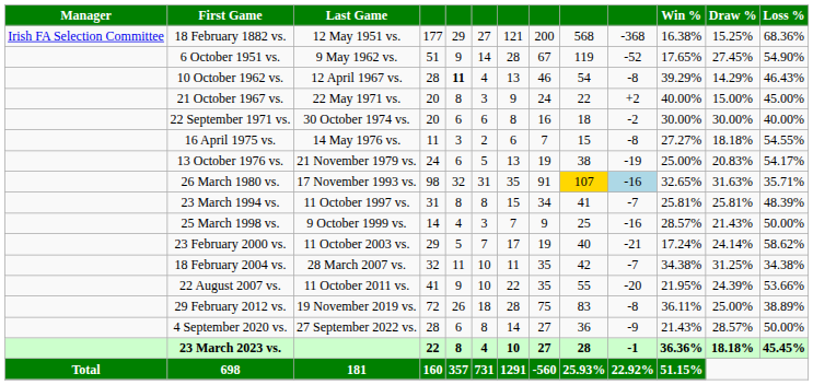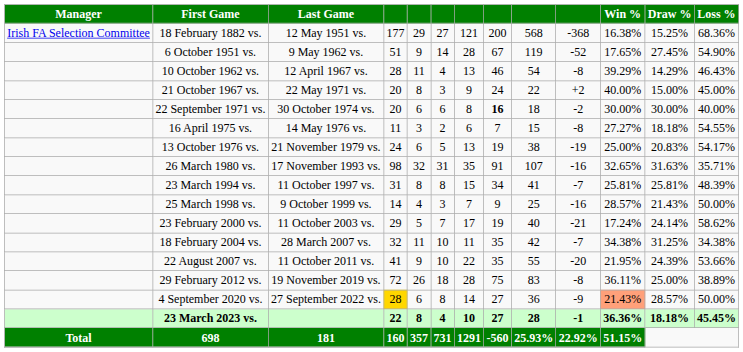 <table class="wikitable sortable" style="text-align:center">
 <tr>
 <th style="background-color:#008000; color:white; ">Manager</th>
 <th style="background-color:#008000; color:white; ">First Game</th>
 <th style="background-color:#008000; color:white; ">Last Game</th>
 <th style="background-color:#008000; color:white; "></th>
 <th style="background-color:#008000; color:white; "></th>
 <th style="background-color:#008000; color:white; "></th>
 <th style="background-color:#008000; color:white; "></th>
 <th style="background-color:#008000; color:white; "></th>
 <th style="background-color:#008000; color:white; "></th>
 <th style="background-color:#008000; color:white; "></th>
 <th style="background-color:#008000; color:white; ">Win %</th>
 <th style="background-color:#008000; color:white; ">Draw %</th>
 <th style="background-color:#008000; color:white; ">Loss %</th>
 </tr>
 <tr>
 <td style="text-align: left;"> <a href='#'>Irish FA Selection Committee</a></td>
 <td>18 February 1882 vs. </td>
 <td>12 May 1951 vs. </td>
 <td>177</td>
 <td>29</td>
 <td>27</td>
 <td>121</td>
 <td>200</td>
 <td>568</td>
 <td>-368</td>
 <td>16.38%</td>
 <td>15.25%</td>
 <td>68.36%</td>
 </tr>
 <tr>
 <td style="text-align: left;"> </td>
 <td>6 October 1951 vs. </td>
 <td>9 May 1962 vs. </td>
 <td>51</td>
 <td>9</td>
 <td>14</td>
 <td>28</td>
 <td>67</td>
 <td>119</td>
 <td>-52</td>
 <td>17.65%</td>
 <td>27.45%</td>
 <td>54.90%</td>
 </tr>
 <tr>
 <td style="text-align: left;"> </td>
 <td>10 October 1962 vs. </td>
 <td>12 April 1967 vs. </td>
 <td>28</td>
-<td><strong>11</strong></td>
+<td>11</td>
 <td>4</td>
 <td>13</td>
 <td>46</td>
 <td>54</td>
 <td>-8</td>
 <td>39.29%</td>
 <td>14.29%</td>
 <td>46.43%</td>
 </tr>
 <tr>
 <td style="text-align: left;"> </td>
 <td>21 October 1967 vs. </td>
 <td>22 May 1971 vs. </td>
 <td>20</td>
 <td>8</td>
 <td>3</td>
 <td>9</td>
 <td>24</td>
 <td>22</td>
 <td>+2</td>
 <td>40.00%</td>
 <td>15.00%</td>
 <td>45.00%</td>
 </tr>
 <tr>
 <td style="text-align: left;"> </td>
 <td>22 September 1971 vs. </td>
 <td>30 October 1974 vs. </td>
 <td>20</td>
 <td>6</td>
 <td>6</td>
 <td>8</td>
-<td>16</td>
+<td><strong>16</strong></td>
 <td>18</td>
 <td>-2</td>
 <td>30.00%</td>
 <td>30.00%</td>
 <td>40.00%</td>
 </tr>
 <tr>
 <td style="text-align: left;"> </td>
 <td>16 April 1975 vs. </td>
 <td>14 May 1976 vs. </td>
 <td>11</td>
 <td>3</td>
 <td>2</td>
 <td>6</td>
 <td>7</td>
 <td>15</td>
 <td>-8</td>
 <td>27.27%</td>
 <td>18.18%</td>
 <td>54.55%</td>
 </tr>
 <tr>
 <td style="text-align: left;"> </td>
 <td>13 October 1976 vs. </td>
 <td>21 November 1979 vs. </td>
 <td>24</td>
 <td>6</td>
 <td>5</td>
 <td>13</td>
 <td>19</td>
 <td>38</td>
 <td>-19</td>
 <td>25.00%</td>
 <td>20.83%</td>
 <td>54.17%</td>
 </tr>
 <tr>
 <td style="text-align: left;"> </td>
 <td>26 March 1980 vs. </td>
 <td>17 November 1993 vs. </td>
 <td>98</td>
 <td>32</td>
 <td>31</td>
 <td>35</td>
 <td>91</td>
-<td style="background: gold;">107</td>
-<td style="background: lightblue;">-16</td>
+<td>107</td>
+<td>-16</td>
 <td>32.65%</td>
 <td>31.63%</td>
 <td>35.71%</td>
 </tr>
 <tr>
 <td style="text-align: left;"> </td>
 <td>23 March 1994 vs. </td>
 <td>11 October 1997 vs. </td>
 <td>31</td>
 <td>8</td>
 <td>8</td>
 <td>15</td>
 <td>34</td>
 <td>41</td>
 <td>-7</td>
 <td>25.81%</td>
 <td>25.81%</td>
 <td>48.39%</td>
 </tr>
 <tr>
 <td style="text-align: left;"> </td>
 <td>25 March 1998 vs. </td>
 <td>9 October 1999 vs. </td>
 <td>14</td>
 <td>4</td>
 <td>3</td>
 <td>7</td>
 <td>9</td>
 <td>25</td>
 <td>-16</td>
 <td>28.57%</td>
 <td>21.43%</td>
 <td>50.00%</td>
 </tr>
 <tr>
 <td style="text-align: left;"> </td>
 <td>23 February 2000 vs. </td>
 <td>11 October 2003 vs. </td>
 <td>29</td>
 <td>5</td>
 <td>7</td>
 <td>17</td>
 <td>19</td>
 <td>40</td>
 <td>-21</td>
 <td>17.24%</td>
 <td>24.14%</td>
 <td>58.62%</td>
 </tr>
 <tr>
 <td style="text-align: left;"> </td>
 <td>18 February 2004 vs. </td>
 <td>28 March 2007 vs. </td>
 <td>32</td>
 <td>11</td>
 <td>10</td>
 <td>11</td>
 <td>35</td>
 <td>42</td>
 <td>-7</td>
 <td>34.38%</td>
 <td>31.25%</td>
 <td>34.38%</td>
 </tr>
 <tr>
 <td style="text-align: left;"> </td>
 <td>22 August 2007 vs. </td>
 <td>11 October 2011 vs. </td>
 <td>41</td>
 <td>9</td>
 <td>10</td>
 <td>22</td>
 <td>35</td>
 <td>55</td>
 <td>-20</td>
 <td>21.95%</td>
 <td>24.39%</td>
 <td>53.66%</td>
 </tr>
 <tr>
 <td style="text-align: left;"> </td>
 <td>29 February 2012 vs. </td>
 <td>19 November 2019 vs. </td>
 <td>72</td>
 <td>26</td>
 <td>18</td>
 <td>28</td>
 <td>75</td>
 <td>83</td>
 <td>-8</td>
 <td>36.11%</td>
 <td>25.00%</td>
 <td>38.89%</td>
 </tr>
 <tr>
 <td style="text-align: left;"> </td>
 <td>4 September 2020 vs. </td>
 <td>27 September 2022 vs. </td>
-<td>28</td>
+<td style="background: gold;">28</td>
 <td>6</td>
 <td>8</td>
 <td>14</td>
 <td>27</td>
 <td>36</td>
 <td>-9</td>
-<td>21.43%</td>
+<td style="background: lightsalmon;">21.43%</td>
 <td>28.57%</td>
 <td>50.00%</td>
 </tr>
 <tr bgcolor=#CFC>
 <td style="text-align: left;"> <strong></strong></td>
 <td><strong>23 March 2023 vs. </strong></td>
 <td></td>
 <td><strong>22</strong></td>
 <td><strong>8</strong></td>
 <td><strong>4</strong></td>
 <td><strong>10</strong></td>
 <td><strong>27</strong></td>
 <td><strong>28</strong></td>
 <td><strong>-1</strong></td>
 <td><strong>36.36%</strong></td>
 <td><strong>18.18%</strong></td>
 <td><strong>45.45%</strong></td>
 </tr>
 <tr class="sortbottom">
 <th style="background-color:#008000; color:white; "><strong>Total</strong></th>
 <th style="background-color:#008000; color:white; "><strong>698</strong></th>
 <th style="background-color:#008000; color:white; "><strong>181</strong></th>
 <th style="background-color:#008000; color:white; "><strong>160</strong></th>
 <th style="background-color:#008000; color:white; "><strong>357</strong></th>
 <th style="background-color:#008000; color:white; "><strong>731</strong></th>
 <th style="background-color:#008000; color:white; "><strong>1291</strong></th>
 <th style="background-color:#008000; color:white; "><strong>-560</strong></th>
 <th style="background-color:#008000; color:white; "><strong>25.93%</strong></th>
 <th style="background-color:#008000; color:white; "><strong>22.92%</strong></th>
 <th style="background-color:#008000; color:white; "><strong>51.15%</strong></th>
 </tr>
 <tr>
 </tr>
 </table>
